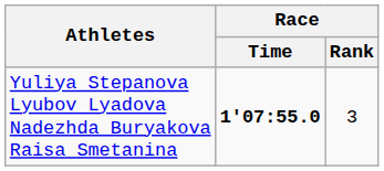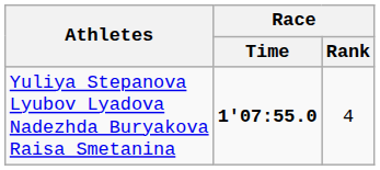 <table class="wikitable" border="1" style="font-size:90%">
 <tr>
 <th rowspan=2>Athletes</th>
 <th colspan=2>Race</th>
 </tr>
 <tr>
 <th>Time</th>
 <th>Rank</th>
 </tr>
 <tr>
 <td><a href='#'>Yuliya Stepanova</a><br><a href='#'>Lyubov Lyadova</a><br><a href='#'>Nadezhda Buryakova</a><br><a href='#'>Raisa Smetanina</a></td>
 <td align=center><strong>1'07:55.0</strong></td>
-<td align=center>3</td>
+<td align=center>4</td>
 </tr>
 </table>
